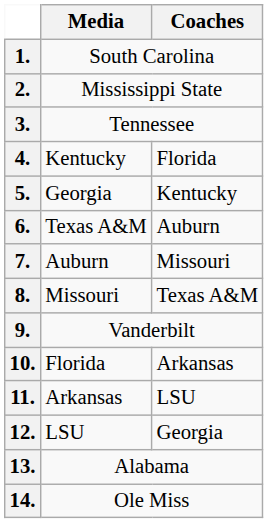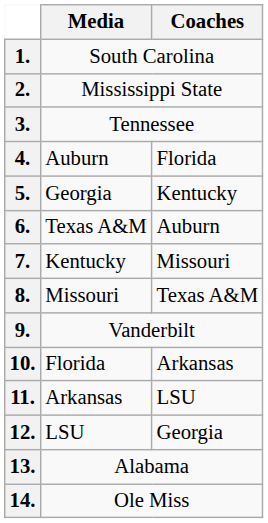 <table class="wikitable" style="white-space:nowrap; font-size:90%;">
 <tr>
 <td ! colspan=1 style="background:white; border-top-style:hidden; border-left-style:hidden;"></td>
 <th>Media</th>
 <th>Coaches</th>
 </tr>
 <tr>
 <th>1.</th>
 <td colspan=2 style="text-align:center;">South Carolina</td>
 </tr>
 <tr>
 <th>2.</th>
 <td colspan=2 style="text-align:center;">Mississippi State</td>
 </tr>
 <tr>
 <th>3.</th>
 <td colspan=2 style="text-align:center;">Tennessee</td>
 </tr>
 <tr>
 <th>4.</th>
-<td>Kentucky</td>
+<td>Auburn</td>
 <td>Florida</td>
 </tr>
 <tr>
 <th>5.</th>
 <td>Georgia</td>
 <td>Kentucky</td>
 </tr>
 <tr>
 <th>6.</th>
 <td>Texas A&M</td>
 <td>Auburn</td>
 </tr>
 <tr>
 <th>7.</th>
-<td>Auburn</td>
+<td>Kentucky</td>
 <td>Missouri</td>
 </tr>
 <tr>
 <th>8.</th>
 <td>Missouri</td>
 <td>Texas A&M</td>
 </tr>
 <tr>
 <th>9.</th>
 <td colspan=2 style="text-align:center;">Vanderbilt</td>
 </tr>
 <tr>
 <th>10.</th>
 <td>Florida</td>
 <td>Arkansas</td>
 </tr>
 <tr>
 <th>11.</th>
 <td>Arkansas</td>
 <td>LSU</td>
 </tr>
 <tr>
 <th>12.</th>
 <td>LSU</td>
 <td>Georgia</td>
 </tr>
 <tr>
 <th>13.</th>
 <td colspan=2 style="text-align:center;">Alabama</td>
 </tr>
 <tr>
 <th>14.</th>
 <td colspan=2 style="text-align:center;">Ole Miss</td>
 </tr>
 </table>
